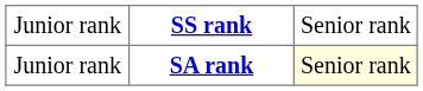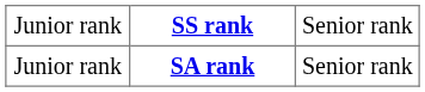 <table class="toccolours" border="1" cellpadding="4" cellspacing="0" style="border-collapse: collapse; margin: 0.5em auto; clear: both;">
 <tr>
 <td width="30%" align="center">Junior rank<br><strong></strong></td>
 <td width="40%" align="center"><strong><a href='#'>SS rank</a></strong><br><strong></strong></td>
 <td width="30%" align="center">Senior rank<br><strong></strong></td>
 </tr>
 <tr>
 <td width="30%" align="center">Junior rank<br><strong></strong></td>
 <td width="40%" align="center"><strong><a href='#'>SA rank</a></strong><br><strong></strong></td>
-<td width="30%" align="center" style="background: lightyellow;">Senior rank<br><strong></strong></td>
+<td width="30%" align="center">Senior rank<br><strong></strong></td>
 </tr>
 </table>
